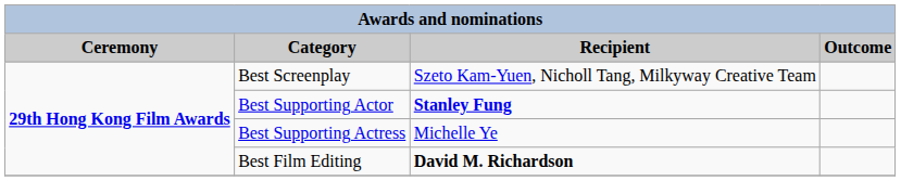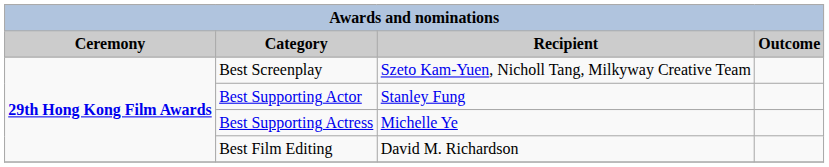 <table class="wikitable" style="font-size:95%;" ;>
 <tr style="background:#ccc; text-align:center;">
 <th colspan="4" style="background: LightSteelBlue;">Awards and nominations</th>
 </tr>
 <tr style="background:#ccc; text-align:center;">
 <th style="background:#ccc">Ceremony</th>
 <th style="background:#ccc">Category</th>
 <th style="background:#ccc">Recipient</th>
 <th style="background:#ccc">Outcome</th>
 </tr>
 <tr>
 <td rowspan=4><strong><a href='#'>29th Hong Kong Film Awards</a></strong></td>
 <td>Best Screenplay</td>
 <td><a href='#'>Szeto Kam-Yuen</a>, Nicholl Tang, Milkyway Creative Team</td>
 <td></td>
 </tr>
 <tr>
 <td><a href='#'>Best Supporting Actor</a></td>
-<td><strong><a href='#'>Stanley Fung</a></strong></td>
+<td><a href='#'>Stanley Fung</a></td>
 <td></td>
 </tr>
 <tr>
 <td><a href='#'>Best Supporting Actress</a></td>
 <td><a href='#'>Michelle Ye</a></td>
 <td></td>
 </tr>
 <tr>
 <td>Best Film Editing</td>
-<td><strong>David M. Richardson</strong></td>
+<td>David M. Richardson</td>
 <td></td>
 </tr>
 <tr>
 </tr>
 </table>
